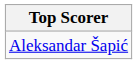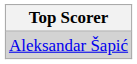 <table class=wikitable style="text-align:center; margin:auto">
 <tr>
 <th>Top Scorer</th>
 </tr>
 <tr>
-<td> <a href='#'>Aleksandar Šapić</a></td>
+<td style="background: lightgrey;"> <a href='#'>Aleksandar Šapić</a></td>
 </tr>
 </table>
